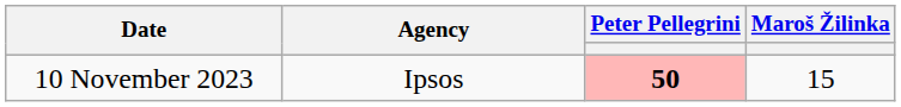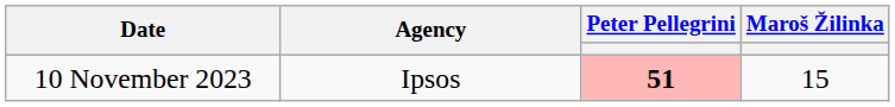 <table class="wikitable" style="text-align:center;">
 <tr style="font-size:80%;">
 <th style="width:150px;" rowspan="2">Date</th>
 <th style="width:165px;" rowspan="2">Agency</th>
 <th><a href='#'>Peter Pellegrini</a></th>
 <th><a href='#'>Maroš Žilinka</a></th>
 </tr>
 <tr>
 <th style="background:"></th>
 <th style="background:"></th>
 </tr>
 <tr>
 <td>10 November 2023</td>
 <td>Ipsos</td>
-<td style="background:#FFB7B7;"><strong>50</strong></td>
+<td style="background:#FFB7B7;"><strong>51</strong></td>
 <td>15</td>
 </tr>
 </table>
